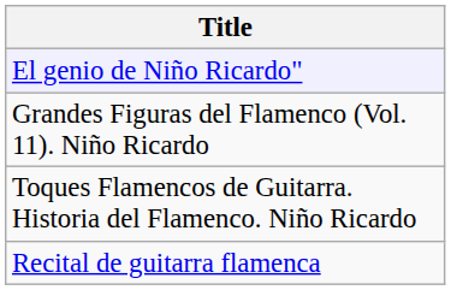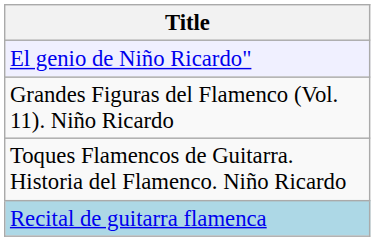 <table class="wikitable">
 <tr>
 <th width="250" rowspan="1"><strong>Title</strong></th>
 </tr>
 <tr ---- bgcolor="#f0f0ff">
 <td><a href='#'>El genio de Niño Ricardo"</a></td>
 </tr>
 <tr>
 <td>Grandes Figuras del Flamenco (Vol. 11). Niño Ricardo</td>
 </tr>
 <tr>
 <td>Toques Flamencos de Guitarra. Historia del Flamenco. Niño Ricardo</td>
 </tr>
 <tr>
-<td><a href='#'>Recital de guitarra flamenca</a></td>
+<td style="background: lightblue;"><a href='#'>Recital de guitarra flamenca</a></td>
 </tr>
 </table>
